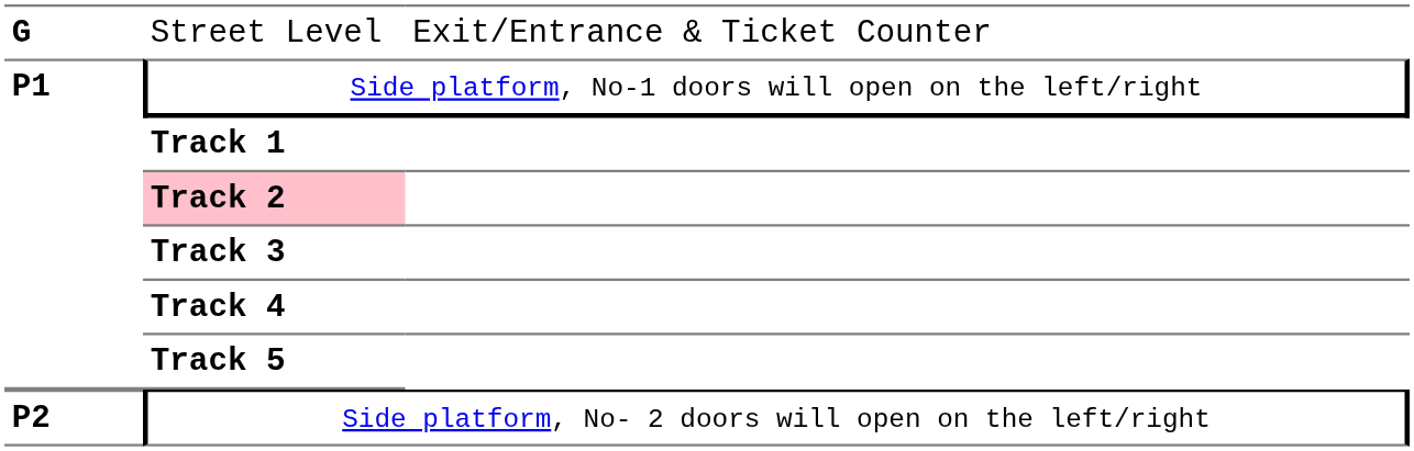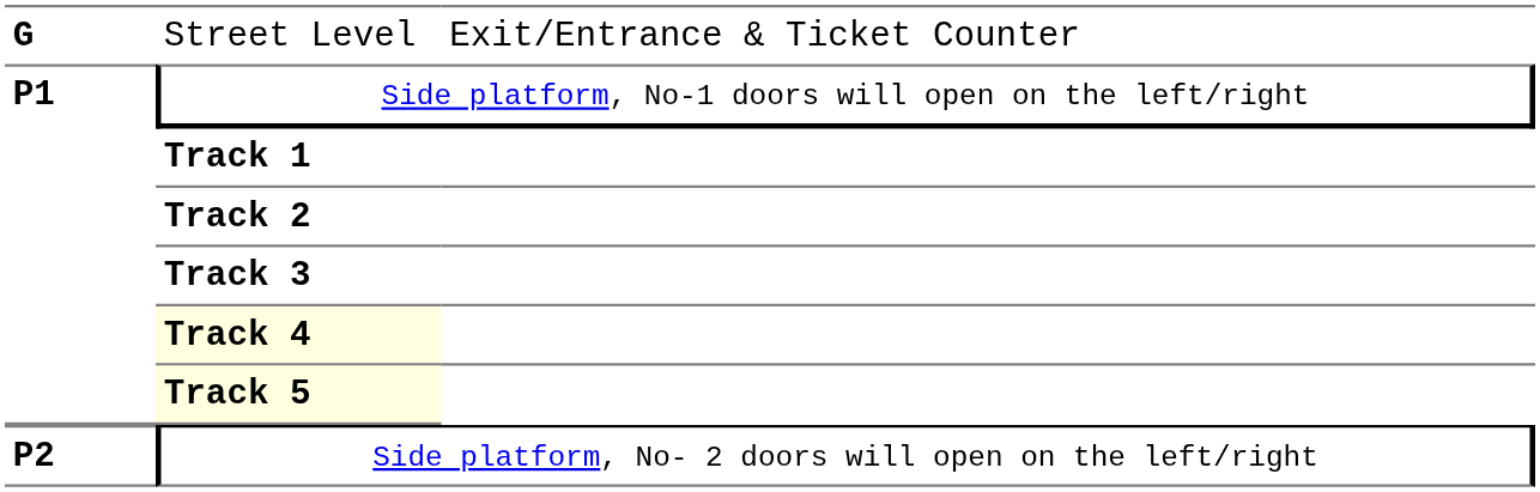 <table table border=0 cellspacing=0 cellpadding=3>
 <tr>
 <td style="border-top:solid 1px gray;" width=50 valign=top><strong>G</strong></td>
 <td style="border-top:solid 1px gray;" width=100 valign=top>Street Level</td>
 <td style="border-top:solid 1px gray;" width=400 valign=top>Exit/Entrance & Ticket Counter</td>
 </tr>
 <tr>
 <td style="border-top:solid 1px gray;border-bottom:solid 1px gray;" width=50 rowspan=6 valign=top><strong>P1</strong></td>
 <td style="border-top:solid 1px gray;border-right:solid 2px black;border-left:solid 2px black;border-bottom:solid 2px black;text-align:center;" colspan=2><small><a href='#'>Side platform</a>, No-1 doors will open on the left/right</small></td>
 </tr>
 <tr>
 <td style="border-bottom:solid 1px gray;" width=100><strong>Track 1</strong></td>
 <td style="border-bottom:solid 1px gray;" width=400></td>
 </tr>
 <tr>
-<td style="background: pink; border-bottom:solid 1px gray;" width=100><strong>Track 2</strong></td>
+<td style="border-bottom:solid 1px gray;" width=100><strong>Track 2</strong></td>
 <td style="border-bottom:solid 1px gray;" width=400></td>
 </tr>
 <tr>
 <td style="border-bottom:solid 1px gray;" width=100><strong>Track 3</strong></td>
 <td style="border-bottom:solid 1px gray;" width=400></td>
 </tr>
 <tr>
-<td style="border-bottom:solid 1px gray;" width=100><strong>Track 4</strong></td>
+<td style="background: lightyellow; border-bottom:solid 1px gray;" width=100><strong>Track 4</strong></td>
 <td style="border-bottom:solid 1px gray;" width=400></td>
 </tr>
 <tr>
-<td style="border-bottom:solid 1px gray;" width=100><strong>Track 5</strong></td>
+<td style="background: lightyellow; border-bottom:solid 1px gray;" width=100><strong>Track 5</strong></td>
 </tr>
 <tr>
 <td style="border-top:solid 1px gray;border-bottom:solid 1px gray;" width=50 rowspan=6 valign=top><strong>P2</strong></td>
 <td style="border-top:solid 1px black;border-right:solid 2px black;border-left:solid 2px black;border-bottom:solid 1px gray;text-align:center;" colspan=2><small><a href='#'>Side platform</a>, No- 2 doors will open on the left/right </small></td>
 </tr>
 <tr>
 </tr>
 </table>
